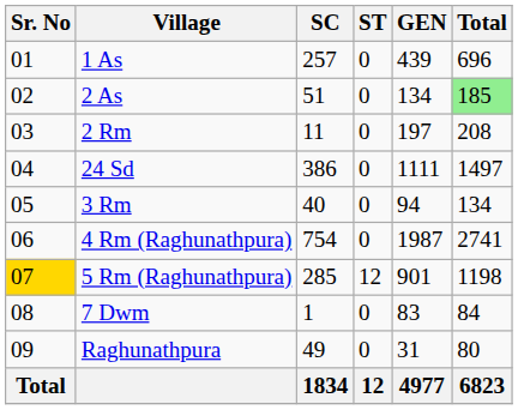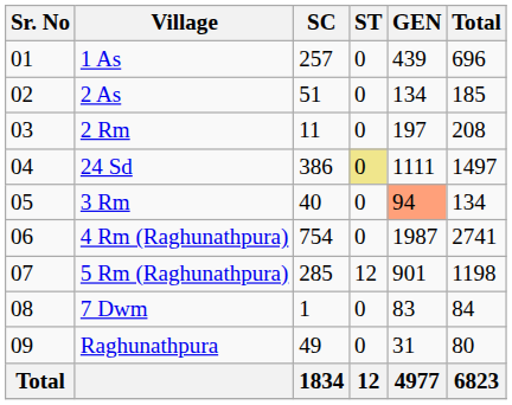 <table class="wikitable">
 <tr>
 <th>Sr. No</th>
 <th>Village</th>
 <th>SC</th>
 <th>ST</th>
 <th>GEN</th>
 <th>Total</th>
 </tr>
 <tr>
 <td>01</td>
 <td><a href='#'>1 As </a></td>
 <td>257</td>
 <td>0</td>
 <td>439</td>
 <td>696</td>
 </tr>
 <tr>
 <td>02</td>
 <td><a href='#'>2 As </a></td>
 <td>51</td>
 <td>0</td>
 <td>134</td>
-<td style="background: lightgreen;">185</td>
+<td>185</td>
 </tr>
 <tr>
 <td>03</td>
 <td><a href='#'>2 Rm </a></td>
 <td>11</td>
 <td>0</td>
 <td>197</td>
 <td>208</td>
 </tr>
 <tr>
 <td>04</td>
 <td><a href='#'>24 Sd </a></td>
 <td>386</td>
-<td>0</td>
+<td style="background: khaki;">0</td>
 <td>1111</td>
 <td>1497</td>
 </tr>
 <tr>
 <td>05</td>
 <td><a href='#'>3 Rm </a></td>
 <td>40</td>
 <td>0</td>
-<td>94</td>
+<td style="background: lightsalmon;">94</td>
 <td>134</td>
 </tr>
 <tr>
 <td>06</td>
 <td><a href='#'>4 Rm (Raghunathpura) </a></td>
 <td>754</td>
 <td>0</td>
 <td>1987</td>
 <td>2741</td>
 </tr>
 <tr>
-<td style="background: gold;">07</td>
+<td>07</td>
 <td><a href='#'>5 Rm (Raghunathpura) </a></td>
 <td>285</td>
 <td>12</td>
 <td>901</td>
 <td>1198</td>
 </tr>
 <tr>
 <td>08</td>
 <td><a href='#'>7 Dwm </a></td>
 <td>1</td>
 <td>0</td>
 <td>83</td>
 <td>84</td>
 </tr>
 <tr>
 <td>09</td>
 <td><a href='#'>Raghunathpura </a></td>
 <td>49</td>
 <td>0</td>
 <td>31</td>
 <td>80</td>
 </tr>
 <tr>
 <th>Total</th>
 <th></th>
 <th>1834</th>
 <th>12</th>
 <th>4977</th>
 <th>6823</th>
 </tr>
 <tr>
 </tr>
 </table>
